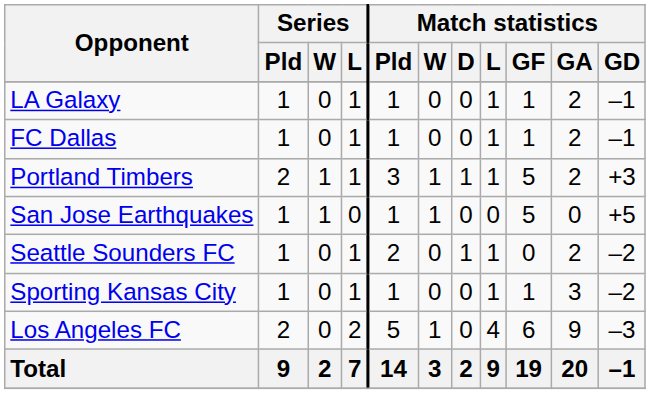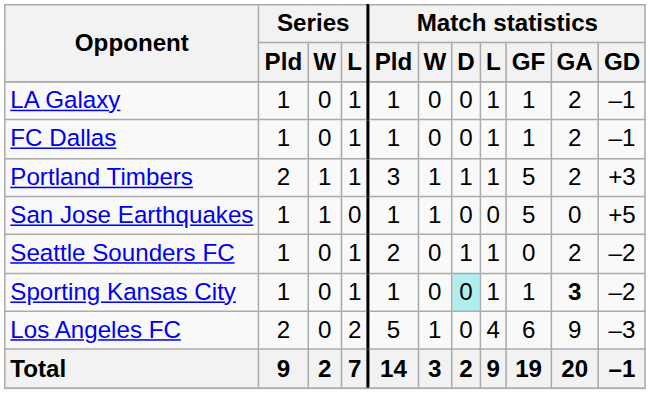 <table class="wikitable sortable" style="text-align:center;">
 <tr>
 <th rowspan="2">Opponent</th>
 <th colspan="3" style="border-right:2px solid black;">Series</th>
 <th colspan="7">Match statistics</th>
 </tr>
 <tr>
 <th>Pld</th>
 <th>W</th>
 <th style="border-right:2px solid black;">L</th>
 <th>Pld</th>
 <th>W</th>
 <th>D</th>
 <th>L</th>
 <th>GF</th>
 <th>GA</th>
 <th>GD</th>
 </tr>
 <tr>
 </tr>
 <tr>
 <td style="text-align:left;"><a href='#'>LA Galaxy</a></td>
 <td>1</td>
 <td>0</td>
 <td>1</td>
 <td style="border-left:2px solid black;">1</td>
 <td>0</td>
 <td>0</td>
 <td>1</td>
 <td>1</td>
 <td>2</td>
 <td>–1</td>
 </tr>
 <tr>
 <td style="text-align:left;"><a href='#'>FC Dallas</a></td>
 <td>1</td>
 <td>0</td>
 <td>1</td>
 <td style="border-left:2px solid black;">1</td>
 <td>0</td>
 <td>0</td>
 <td>1</td>
 <td>1</td>
 <td>2</td>
 <td>–1</td>
 </tr>
 <tr>
 <td style="text-align:left;"><a href='#'>Portland Timbers</a></td>
 <td>2</td>
 <td>1</td>
 <td>1</td>
 <td style="border-left:2px solid black;">3</td>
 <td>1</td>
 <td>1</td>
 <td>1</td>
 <td>5</td>
 <td>2</td>
 <td>+3</td>
 </tr>
 <tr>
 <td style="text-align:left;"><a href='#'>San Jose Earthquakes</a></td>
 <td>1</td>
 <td>1</td>
 <td>0</td>
 <td style="border-left:2px solid black;">1</td>
 <td>1</td>
 <td>0</td>
 <td>0</td>
 <td>5</td>
 <td>0</td>
 <td>+5</td>
 </tr>
 <tr>
 <td style="text-align:left;"><a href='#'>Seattle Sounders FC</a></td>
 <td>1</td>
 <td>0</td>
 <td>1</td>
 <td style="border-left:2px solid black;">2</td>
 <td>0</td>
 <td>1</td>
 <td>1</td>
 <td>0</td>
 <td>2</td>
 <td>–2</td>
 </tr>
 <tr>
 <td style="text-align:left;"><a href='#'>Sporting Kansas City</a></td>
 <td>1</td>
 <td>0</td>
 <td>1</td>
 <td style="border-left:2px solid black;">1</td>
 <td>0</td>
-<td>0</td>
+<td style="background: paleturquoise;">0</td>
 <td>1</td>
 <td>1</td>
-<td>3</td>
+<td><strong>3</strong></td>
 <td>–2</td>
 </tr>
 <tr>
 <td style="text-align:left;"><a href='#'>Los Angeles FC</a></td>
 <td>2</td>
 <td>0</td>
 <td>2</td>
 <td style="border-left:2px solid black;">5</td>
 <td>1</td>
 <td>0</td>
 <td>4</td>
 <td>6</td>
 <td>9</td>
 <td>–3</td>
 </tr>
 <tr>
 <th style="text-align:left;"><strong>Total</strong></th>
 <th>9</th>
 <th>2</th>
 <th>7</th>
 <th style="border-left:2px solid black;"><strong>14</strong></th>
 <th><strong>3</strong></th>
 <th><strong>2</strong></th>
 <th><strong>9</strong></th>
 <th><strong>19</strong></th>
 <th><strong>20</strong></th>
 <th><strong>–1</strong></th>
 </tr>
 <tr>
 </tr>
 </table>
